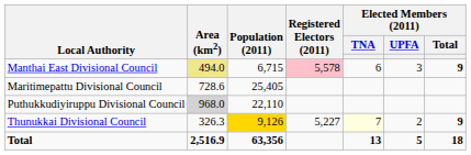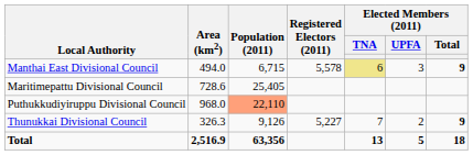 <table class="wikitable" border="1" style="text-align:right;">
 <tr>
 <th style="vertical-align:bottom;" rowspan=3>Local Authority</th>
 <th style="vertical-align:bottom;" rowspan=3>Area<br>(km<sup>2</sup>)<br></th>
 <th style="vertical-align:bottom;" rowspan=3>Population<br>(2011)<br></th>
 <th style="vertical-align:bottom;" rowspan=3>Registered<br>Electors<br>(2011)</th>
 <th colspan=3>Elected Members<br>(2011)</th>
 </tr>
 <tr>
 <th style="width:50px;"><a href='#'>TNA</a></th>
 <th style="width:50px;"><a href='#'>UPFA</a></th>
 <th style="width:50px;">Total</th>
 </tr>
 <tr>
 <th style="background:"></th>
 <th style="background:"></th>
 <th></th>
 </tr>
 <tr>
 <td align=left><a href='#'>Manthai East Divisional Council</a></td>
-<td style="background: khaki;">494.0</td>
+<td>494.0</td>
 <td>6,715</td>
-<td style="background: pink;">5,578</td>
-<td>6</td>
+<td>5,578</td>
+<td style="background: khaki;">6</td>
 <td>3</td>
 <td><strong>9</strong></td>
 </tr>
 <tr>
 <td align=left>Maritimepattu Divisional Council</td>
 <td>728.6</td>
 <td>25,405</td>
 <td></td>
 <td></td>
 <td></td>
 <td></td>
 </tr>
 <tr>
 <td align=left>Puthukkudiyiruppu Divisional Council</td>
-<td style="background: lightgrey;">968.0</td>
-<td>22,110</td>
+<td>968.0</td>
+<td style="background: lightsalmon;">22,110</td>
 <td></td>
 <td></td>
 <td></td>
 <td></td>
 </tr>
 <tr>
 <td align=left><a href='#'>Thunukkai Divisional Council</a></td>
 <td>326.3</td>
-<td style="background: gold;">9,126</td>
+<td>9,126</td>
 <td>5,227</td>
-<td style="background: lightyellow;">7</td>
+<td>7</td>
 <td>2</td>
 <td><strong>9</strong></td>
 </tr>
 <tr style="font-weight:bold">
 <td align=left>Total</td>
 <td>2,516.9</td>
 <td>63,356</td>
 <td></td>
 <td>13</td>
 <td>5</td>
 <td>18</td>
 </tr>
 </table>
